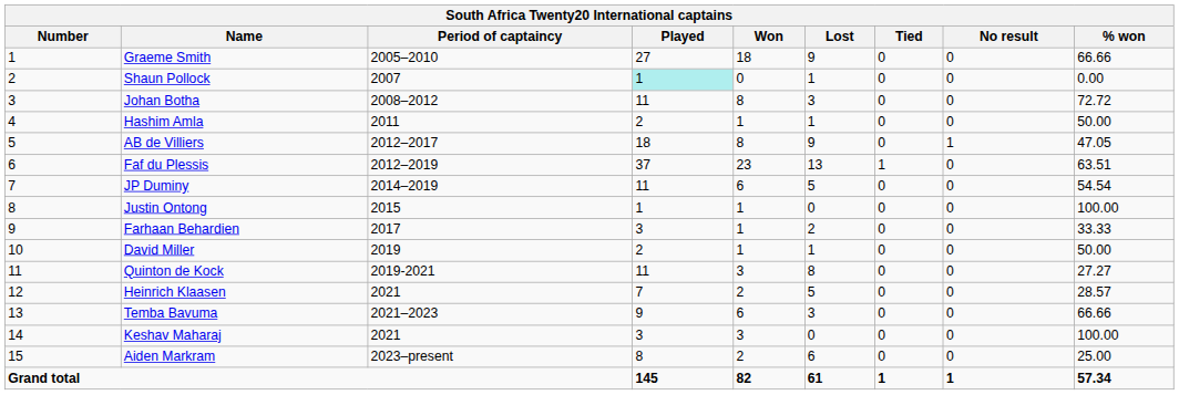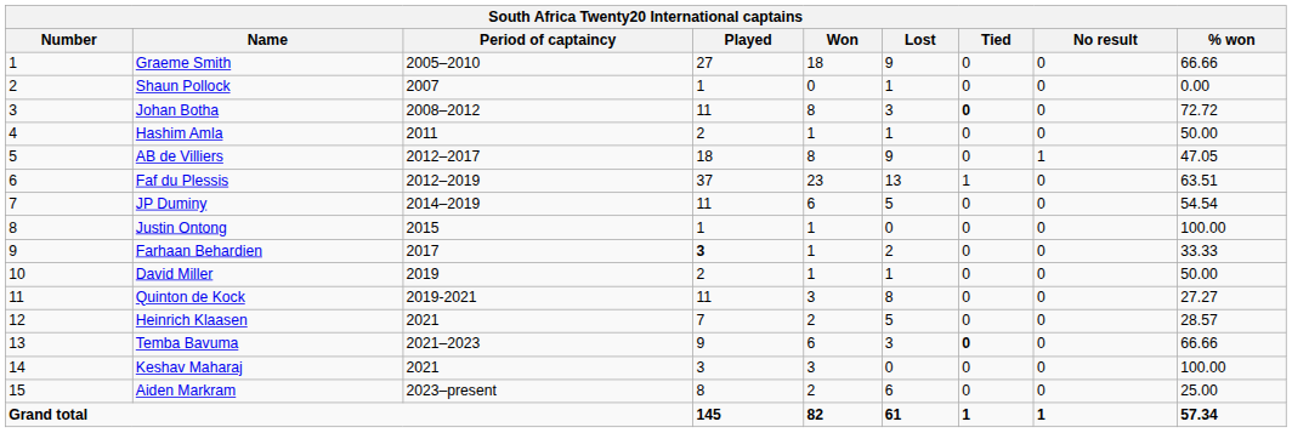 <table class="wikitable sortable collapsible" width="70%">
 <tr bgcolor="#efefef">
 <th colspan="10" style="border-right:0px;" ;>South Africa Twenty20 International captains</th>
 </tr>
 <tr bicolor="#efefef">
 <th>Number</th>
 <th>Name</th>
 <th>Period of captaincy</th>
 <th>Played</th>
 <th>Won</th>
 <th>Lost</th>
 <th>Tied</th>
 <th>No result</th>
 <th>% won</th>
 </tr>
 <tr>
 <td>1</td>
 <td><a href='#'>Graeme Smith</a></td>
 <td>2005–2010</td>
 <td>27</td>
 <td>18</td>
 <td>9</td>
 <td>0</td>
 <td>0</td>
 <td>66.66</td>
 </tr>
 <tr>
 <td>2</td>
 <td><a href='#'>Shaun Pollock</a></td>
 <td>2007</td>
-<td style="background: paleturquoise;">1</td>
+<td>1</td>
 <td>0</td>
 <td>1</td>
 <td>0</td>
 <td>0</td>
 <td>0.00</td>
 </tr>
 <tr>
 <td>3</td>
 <td><a href='#'>Johan Botha</a></td>
 <td>2008–2012</td>
 <td>11</td>
 <td>8</td>
 <td>3</td>
-<td>0</td>
+<td><strong>0</strong></td>
 <td>0</td>
 <td>72.72</td>
 </tr>
 <tr>
 <td>4</td>
 <td><a href='#'>Hashim Amla</a></td>
 <td>2011</td>
 <td>2</td>
 <td>1</td>
 <td>1</td>
 <td>0</td>
 <td>0</td>
 <td>50.00</td>
 </tr>
 <tr>
 <td>5</td>
 <td><a href='#'>AB de Villiers</a></td>
 <td>2012–2017</td>
 <td>18</td>
 <td>8</td>
 <td>9</td>
 <td>0</td>
 <td>1</td>
 <td>47.05</td>
 </tr>
 <tr>
 <td>6</td>
 <td><a href='#'>Faf du Plessis</a></td>
 <td>2012–2019</td>
 <td>37</td>
 <td>23</td>
 <td>13</td>
 <td>1</td>
 <td>0</td>
 <td>63.51</td>
 </tr>
 <tr>
 <td>7</td>
 <td><a href='#'>JP Duminy</a></td>
 <td>2014–2019</td>
 <td>11</td>
 <td>6</td>
 <td>5</td>
 <td>0</td>
 <td>0</td>
 <td>54.54</td>
 </tr>
 <tr>
 <td>8</td>
 <td><a href='#'>Justin Ontong</a></td>
 <td>2015</td>
 <td>1</td>
 <td>1</td>
 <td>0</td>
 <td>0</td>
 <td>0</td>
 <td>100.00</td>
 </tr>
 <tr>
 <td>9</td>
 <td><a href='#'>Farhaan Behardien</a></td>
 <td>2017</td>
-<td>3</td>
+<td><strong>3</strong></td>
 <td>1</td>
 <td>2</td>
 <td>0</td>
 <td>0</td>
 <td>33.33</td>
 </tr>
 <tr>
 <td>10</td>
 <td><a href='#'>David Miller</a></td>
 <td>2019</td>
 <td>2</td>
 <td>1</td>
 <td>1</td>
 <td>0</td>
 <td>0</td>
 <td>50.00</td>
 </tr>
 <tr>
 <td>11</td>
 <td><a href='#'>Quinton de Kock</a></td>
 <td>2019-2021</td>
 <td>11</td>
 <td>3</td>
 <td>8</td>
 <td>0</td>
 <td>0</td>
 <td>27.27</td>
 </tr>
 <tr>
 <td>12</td>
 <td><a href='#'>Heinrich Klaasen</a></td>
 <td>2021</td>
 <td>7</td>
 <td>2</td>
 <td>5</td>
 <td>0</td>
 <td>0</td>
 <td>28.57</td>
 </tr>
 <tr>
 <td>13</td>
 <td><a href='#'>Temba Bavuma</a></td>
 <td>2021–2023</td>
 <td>9</td>
 <td>6</td>
 <td>3</td>
-<td>0</td>
+<td><strong>0</strong></td>
 <td>0</td>
 <td>66.66</td>
 </tr>
 <tr>
 <td>14</td>
 <td><a href='#'>Keshav Maharaj</a></td>
 <td>2021</td>
 <td>3</td>
 <td>3</td>
 <td>0</td>
 <td>0</td>
 <td>0</td>
 <td>100.00</td>
 </tr>
 <tr>
 <td>15</td>
 <td><a href='#'>Aiden Markram</a></td>
 <td>2023–present</td>
 <td>8</td>
 <td>2</td>
 <td>6</td>
 <td>0</td>
 <td>0</td>
 <td>25.00</td>
 </tr>
 <tr>
 <td colspan="3"><strong>Grand total</strong></td>
 <td><strong>145</strong></td>
 <td><strong>82</strong></td>
 <td><strong>61</strong></td>
 <td><strong>1</strong></td>
 <td><strong>1</strong></td>
 <td><strong>57.34</strong></td>
 </tr>
 </table>
